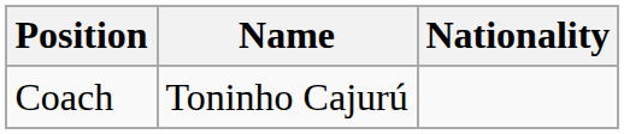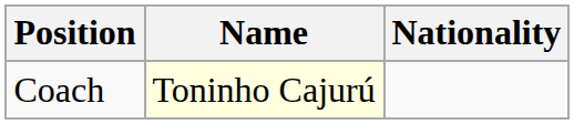 <table class="wikitable">
 <tr>
 <th>Position</th>
 <th>Name</th>
 <th>Nationality</th>
 </tr>
 <tr>
 <td>Coach</td>
-<td>Toninho Cajurú</td>
+<td style="background: lightyellow;">Toninho Cajurú</td>
 <td></td>
 </tr>
 <tr>
 </tr>
 </table>
